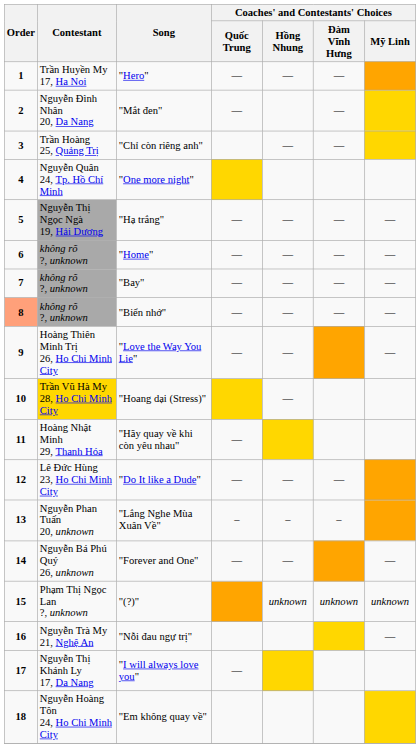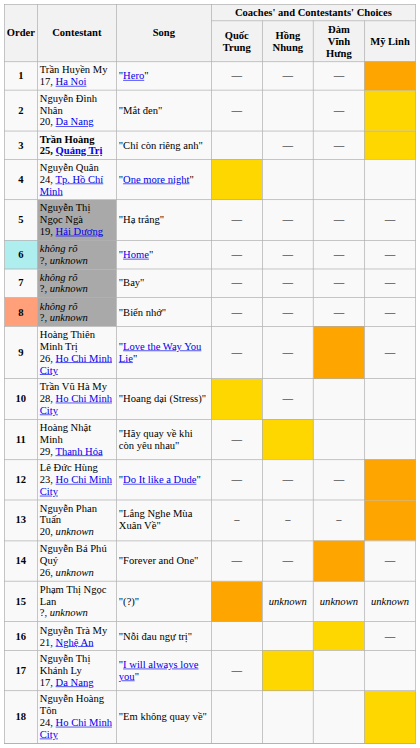 <table class="wikitable" style="width:100%;">
 <tr>
 <th rowspan=2>Order</th>
 <th rowspan=2>Contestant</th>
 <th rowspan=2>Song</th>
 <th colspan=4>Coaches' and Contestants' Choices</th>
 </tr>
 <tr>
 <th width="70">Quốc Trung</th>
 <th width="70">Hồng Nhung</th>
 <th width="70">Đàm Vĩnh Hưng</th>
 <th width="70">Mỹ Linh</th>
 </tr>
 <tr>
 <td align="center"><strong>1</strong></td>
 <td>Trần Huyền My<br>17, <a href='#'>Ha Noi</a></td>
 <td>"<a href='#'>Hero</a>"</td>
 <td align="center">—</td>
 <td align="center">—</td>
 <td align="center">—</td>
 <td style="background:orange;text-align:center;"></td>
 </tr>
 <tr>
 <td align="center"><strong>2</strong></td>
 <td>Nguyễn Đình Nhân<br>20, <a href='#'>Da Nang</a></td>
 <td>"Mắt đen"</td>
 <td align="center">—</td>
 <td style="text-align:center;"></td>
 <td align="center">—</td>
 <td style="background:gold;text-align:center;"></td>
 </tr>
 <tr>
 <td align="center"><strong>3</strong></td>
-<td>Trần Hoàng<br>25, <a href='#'>Quảng Trị</a></td>
+<td><strong>Trần Hoàng<br>25, <a href='#'>Quảng Trị</a></strong></td>
 <td>"Chỉ còn riêng anh"</td>
 <td style="text-align:center;"></td>
 <td align="center">—</td>
 <td align="center">—</td>
 <td style="background:gold;text-align:center;"></td>
 </tr>
 <tr>
 <td align="center"><strong>4</strong></td>
 <td>Nguyễn Quân<br>24, <a href='#'>Tp. Hồ Chí Minh</a></td>
 <td>"<a href='#'>One more night</a>"</td>
 <td style="background:gold;text-align:center;"></td>
 <td style="text-align:center;"></td>
 <td style="text-align:center;"></td>
 <td style="text-align:center;"></td>
 </tr>
 <tr>
 <td align="center"><strong>5</strong></td>
 <td style="background:darkgray;text-align:left;">Nguyễn Thị Ngọc Ngà<br>19, <a href='#'>Hải Dương</a></td>
 <td>"Hạ trắng"</td>
 <td align="center">—</td>
 <td align="center">—</td>
 <td align="center">—</td>
 <td align="center">—</td>
 </tr>
 <tr>
-<td align="center"><strong>6</strong></td>
+<td align="center" style="background: paleturquoise;"><strong>6</strong></td>
 <td style="background:darkgray;text-align:left;"><em>không rõ</em><br>?, <em>unknown</em></td>
 <td>"<a href='#'>Home</a>"</td>
 <td align="center">—</td>
 <td align="center">—</td>
 <td align="center">—</td>
 <td align="center">—</td>
 </tr>
 <tr>
 <td align="center"><strong>7</strong></td>
 <td style="background:darkgray;text-align:left;"><em>không rõ</em><br>?, <em>unknown</em></td>
 <td>"Bay"</td>
 <td align="center">—</td>
 <td align="center">—</td>
 <td align="center">—</td>
 <td align="center">—</td>
 </tr>
 <tr>
 <td align="center" style="background: lightsalmon;"><strong>8</strong></td>
 <td style="background:darkgray;text-align:left;"><em>không rõ</em><br>?, <em>unknown</em></td>
 <td>"Biển nhớ"</td>
 <td align="center">—</td>
 <td align="center">—</td>
 <td align="center">—</td>
 <td align="center">—</td>
 </tr>
 <tr>
 <td align="center"><strong>9</strong></td>
 <td>Hoàng Thiên Minh Trị<br>26, <a href='#'>Ho Chi Minh City</a></td>
 <td>"<a href='#'>Love the Way You Lie</a>"</td>
 <td align="center">—</td>
 <td align="center">—</td>
 <td style="background:orange;text-align:center;"></td>
 <td align="center">—</td>
 </tr>
 <tr>
 <td align="center"><strong>10</strong></td>
-<td style="background: gold;">Trần Vũ Hà My<br>28, <a href='#'>Ho Chi Minh City</a></td>
+<td>Trần Vũ Hà My<br>28, <a href='#'>Ho Chi Minh City</a></td>
 <td>"Hoang dại (Stress)"</td>
 <td style="background:gold;text-align:center;"></td>
 <td align="center">—</td>
 <td style="text-align:center;"></td>
 <td style="text-align:center;"></td>
 </tr>
 <tr>
 <td align="center"><strong>11</strong></td>
 <td>Hoàng Nhật Minh<br>29, <a href='#'>Thanh Hóa</a></td>
 <td>"Hãy quay về khi còn yêu nhau"</td>
 <td align="center">—</td>
 <td style="background:gold;text-align:center;"></td>
 <td style="text-align:center;"></td>
 <td style="text-align:center;"></td>
 </tr>
 <tr>
 <td align="center"><strong>12</strong></td>
 <td>Lê Đức Hùng<br>23, <a href='#'>Ho Chi Minh City</a></td>
 <td>"<a href='#'>Do It like a Dude</a>"</td>
 <td align="center">—</td>
 <td align="center">—</td>
 <td align="center">—</td>
 <td style="background:orange;text-align:center;"></td>
 </tr>
 <tr>
 <td align="center"><strong>13</strong></td>
 <td>Nguyễn Phan Tuấn<br>20, <em>unknown</em></td>
 <td>"Lắng Nghe Mùa Xuân Về"</td>
 <td align="center">–</td>
 <td align="center">–</td>
 <td align="center">–</td>
 <td style="background:orange;text-align:center;"></td>
 </tr>
 <tr>
 <td align="center"><strong>14</strong></td>
 <td>Nguyễn Bá Phú Quý<br>26, <em>unknown</em></td>
 <td>"Forever and One"</td>
 <td align="center">—</td>
 <td align="center">—</td>
 <td style="background:orange;text-align:center;"></td>
 <td align="center">—</td>
 </tr>
 <tr>
 <td align="center"><strong>15</strong></td>
 <td>Phạm Thị Ngọc Lan<br>?, <em>unknown</em></td>
 <td>"(?)"</td>
 <td style="background:orange;text-align:center;"></td>
 <td align="center"><em>unknown</em></td>
 <td align="center"><em>unknown</em></td>
 <td align="center"><em>unknown</em></td>
 </tr>
 <tr>
 <td align="center"><strong>16</strong></td>
 <td>Nguyễn Trà My<br>21, <a href='#'>Nghệ An</a></td>
 <td>"Nỗi đau ngự trị"</td>
 <td style="text-align:center;"></td>
 <td style="text-align:center;"></td>
 <td style="background:gold;text-align:center;"></td>
 <td align="center">—</td>
 </tr>
 <tr>
 <td align="center"><strong>17</strong></td>
 <td>Nguyễn Thị Khánh Ly<br>17, <a href='#'>Da Nang</a></td>
 <td>"<a href='#'>I will always love you</a>"</td>
 <td align="center">—</td>
 <td style="background:gold;text-align:center;"></td>
 <td style="text-align:center;"></td>
 <td style="text-align:center;"></td>
 </tr>
 <tr>
 <td align="center"><strong>18</strong></td>
 <td>Nguyễn Hoàng Tôn<br>24, <a href='#'>Ho Chi Minh City</a></td>
 <td>"Em không quay về"</td>
 <td style="text-align:center;"></td>
 <td style="text-align:center;"></td>
 <td style="text-align:center;"></td>
 <td style="background:gold;text-align:center;"></td>
 </tr>
 <tr>
 </tr>
 </table>
